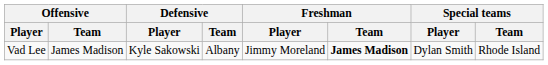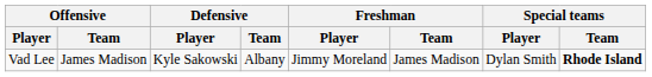 <table class="wikitable" border="1">
 <tr>
 <th colspan="2">Offensive</th>
 <th colspan="2">Defensive</th>
 <th colspan="2">Freshman</th>
 <th colspan="2">Special teams</th>
 </tr>
 <tr>
 <th>Player</th>
 <th>Team</th>
 <th>Player</th>
 <th>Team</th>
 <th>Player</th>
 <th>Team</th>
 <th>Player</th>
 <th>Team</th>
 </tr>
 <tr>
 <td>Vad Lee</td>
 <td>James Madison</td>
 <td>Kyle Sakowski</td>
 <td>Albany</td>
 <td>Jimmy Moreland</td>
-<td><strong>James Madison</strong></td>
+<td>James Madison</td>
 <td>Dylan Smith</td>
-<td>Rhode Island</td>
+<td><strong>Rhode Island</strong></td>
 </tr>
 </table>
